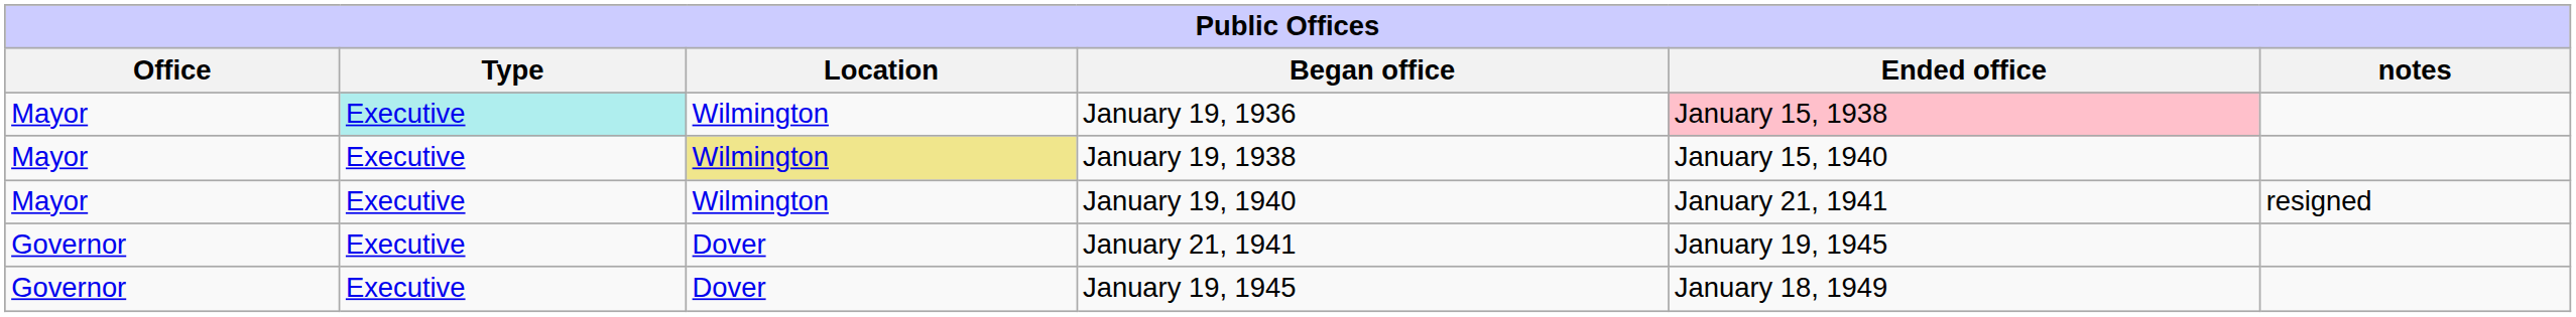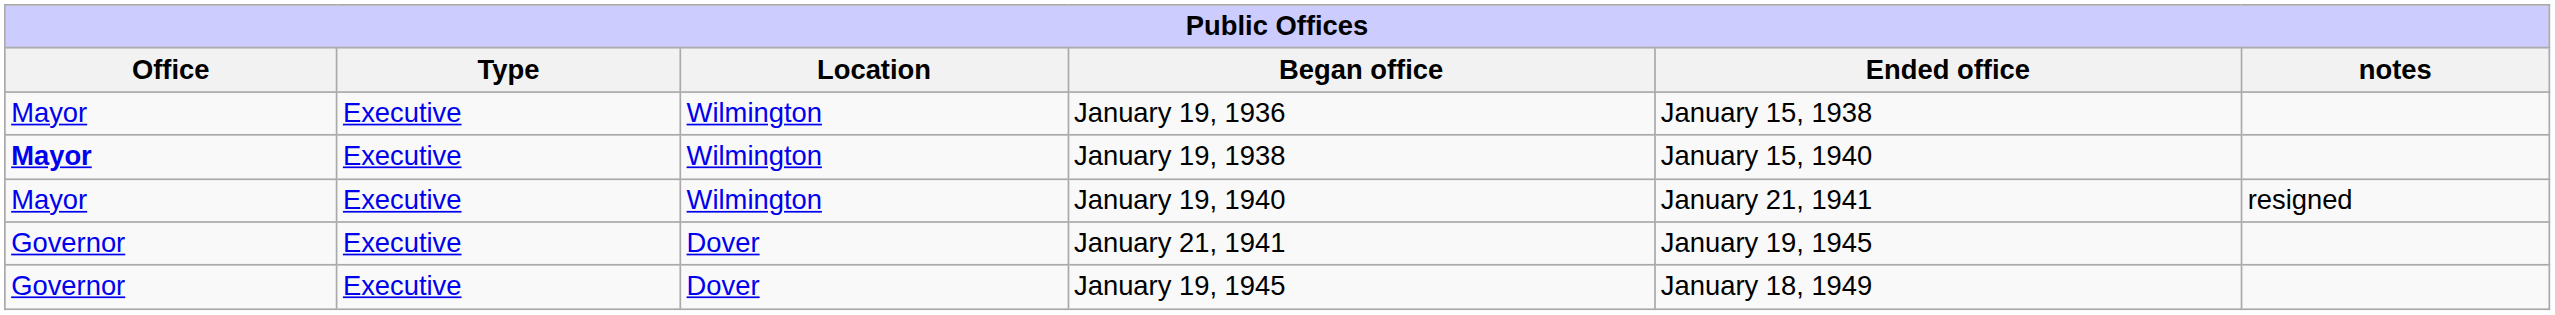 <table class=wikitable style="width: 94%" style="text-align: center;" align="center">
 <tr bgcolor=#cccccc>
 <th colspan=7 style="background: #ccccff;">Public Offices</th>
 </tr>
 <tr>
 <th><strong>Office</strong></th>
 <th><strong>Type</strong></th>
 <th><strong>Location</strong></th>
 <th><strong>Began office</strong></th>
 <th><strong>Ended office</strong></th>
 <th><strong>notes</strong></th>
 </tr>
 <tr>
 <td><a href='#'>Mayor</a></td>
-<td style="background: paleturquoise;"><a href='#'>Executive</a></td>
+<td><a href='#'>Executive</a></td>
 <td><a href='#'>Wilmington</a></td>
 <td>January 19, 1936</td>
-<td style="background: pink;">January 15, 1938</td>
+<td>January 15, 1938</td>
 <td></td>
 </tr>
 <tr>
-<td><a href='#'>Mayor</a></td>
+<td><strong><a href='#'>Mayor</a></strong></td>
 <td><a href='#'>Executive</a></td>
-<td style="background: khaki;"><a href='#'>Wilmington</a></td>
+<td><a href='#'>Wilmington</a></td>
 <td>January 19, 1938</td>
 <td>January 15, 1940</td>
 <td></td>
 </tr>
 <tr>
 <td><a href='#'>Mayor</a></td>
 <td><a href='#'>Executive</a></td>
 <td><a href='#'>Wilmington</a></td>
 <td>January 19, 1940</td>
 <td>January 21, 1941</td>
 <td>resigned</td>
 </tr>
 <tr>
 <td><a href='#'>Governor</a></td>
 <td><a href='#'>Executive</a></td>
 <td><a href='#'>Dover</a></td>
 <td>January 21, 1941</td>
 <td>January 19, 1945</td>
 <td></td>
 </tr>
 <tr>
 <td><a href='#'>Governor</a></td>
 <td><a href='#'>Executive</a></td>
 <td><a href='#'>Dover</a></td>
 <td>January 19, 1945</td>
 <td>January 18, 1949</td>
 <td></td>
 </tr>
 </table>
